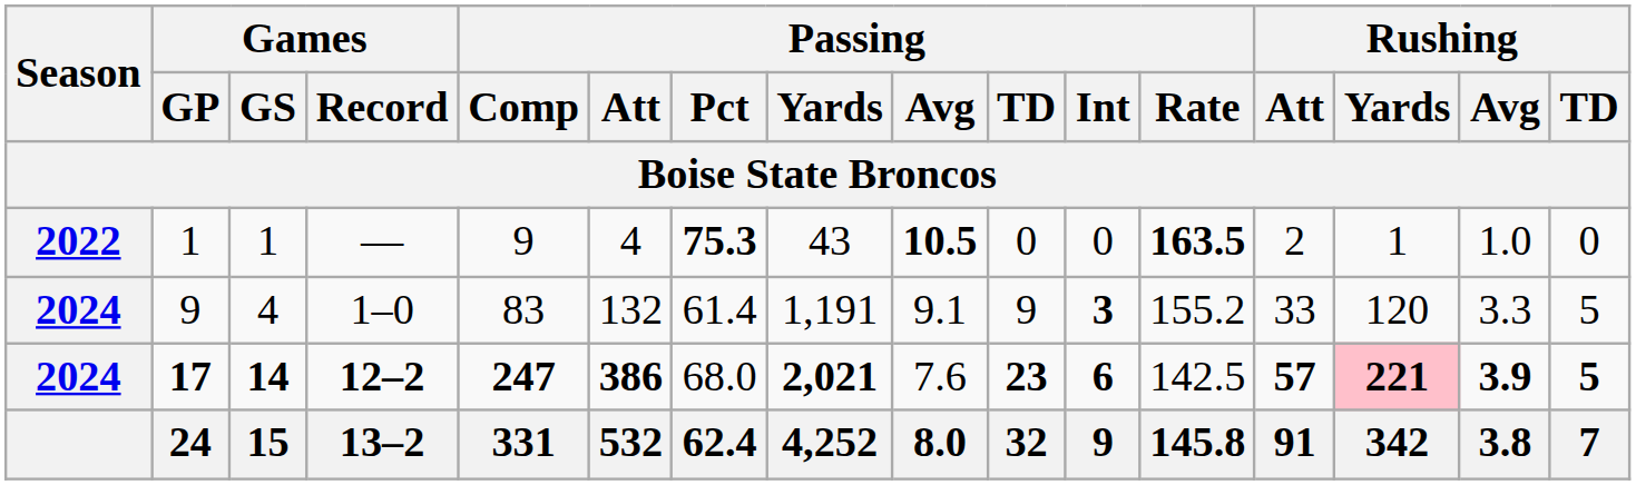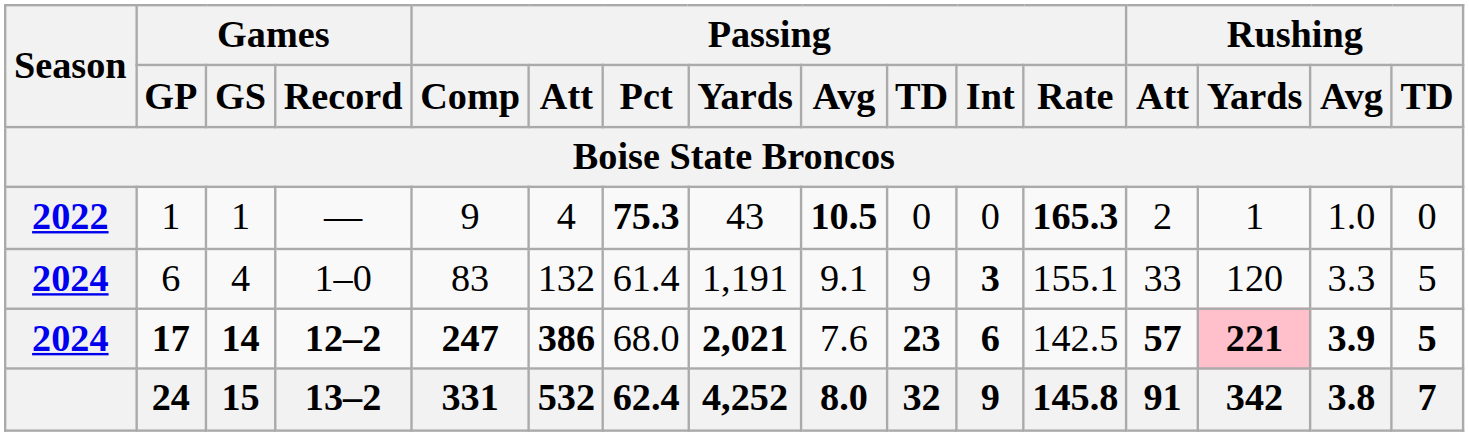 <table class="wikitable" style="text-align:center;">
 <tr College statistics>
 <th rowspan="2">Season</th>
 <th colspan="3">Games</th>
 <th colspan="8">Passing</th>
 <th colspan="5">Rushing</th>
 </tr>
 <tr>
 <th>GP</th>
 <th>GS</th>
 <th>Record</th>
 <th>Comp</th>
 <th>Att</th>
 <th>Pct</th>
 <th>Yards</th>
 <th>Avg</th>
 <th>TD</th>
 <th>Int</th>
 <th>Rate</th>
 <th>Att</th>
 <th>Yards</th>
 <th>Avg</th>
 <th>TD</th>
 </tr>
 <tr>
 <th colspan="16">Boise State Broncos</th>
 </tr>
 <tr>
 <th><a href='#'>2022</a></th>
 <td>1</td>
 <td>1</td>
 <td>—</td>
 <td>9</td>
 <td>4</td>
 <td><strong>75.3</strong></td>
 <td>43</td>
 <td><strong>10.5</strong></td>
 <td>0</td>
 <td>0</td>
-<td><strong>163.5</strong></td>
+<td><strong>165.3</strong></td>
 <td>2</td>
 <td>1</td>
 <td>1.0</td>
 <td>0</td>
 </tr>
 <tr>
 <th><a href='#'>2024</a></th>
-<td>9</td>
+<td>6</td>
 <td>4</td>
 <td>1–0</td>
 <td>83</td>
 <td>132</td>
 <td>61.4</td>
 <td>1,191</td>
 <td>9.1</td>
 <td>9</td>
 <td><strong>3</strong></td>
-<td>155.2</td>
+<td>155.1</td>
 <td>33</td>
 <td>120</td>
 <td>3.3</td>
 <td>5</td>
 </tr>
 <tr>
 <th><a href='#'>2024</a></th>
 <td><strong>17</strong></td>
 <td><strong>14</strong></td>
 <td><strong>12–2</strong></td>
 <td><strong>247</strong></td>
 <td><strong>386</strong></td>
 <td>68.0</td>
 <td><strong>2,021</strong></td>
 <td>7.6</td>
 <td><strong>23</strong></td>
 <td><strong>6</strong></td>
 <td>142.5</td>
 <td><strong>57</strong></td>
 <td style="background: pink;"><strong>221</strong></td>
 <td><strong>3.9</strong></td>
 <td><strong>5</strong></td>
 </tr>
 <tr>
 <th></th>
 <th>24</th>
 <th>15</th>
 <th>13–2</th>
 <th>331</th>
 <th>532</th>
 <th>62.4</th>
 <th>4,252</th>
 <th>8.0</th>
 <th>32</th>
 <th>9</th>
 <th>145.8</th>
 <th>91</th>
 <th>342</th>
 <th>3.8</th>
 <th>7</th>
 </tr>
 </table>
